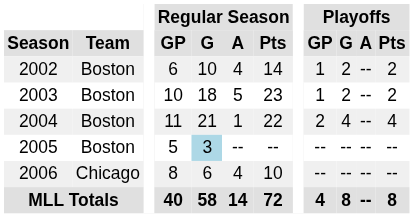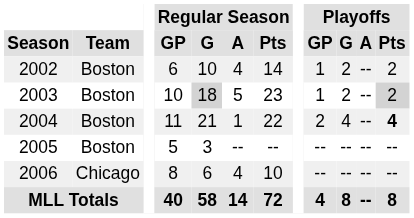 <table BORDER="0" CELLPADDING="3" CELLSPACING="0">
 <tr ALIGN="center" bgcolor="#e0e0e0">
 <th colspan="2" bgcolor="#ffffff"> </th>
 <th rowspan="99" bgcolor="#ffffff"> </th>
 <th colspan="4">Regular Season</th>
 <th rowspan="99" bgcolor="#ffffff"> </th>
 <th colspan="4">Playoffs</th>
 </tr>
 <tr ALIGN="center" bgcolor="#e0e0e0">
 <th>Season</th>
 <th>Team</th>
 <th>GP</th>
 <th>G</th>
 <th>A</th>
 <th>Pts</th>
 <th>GP</th>
 <th>G</th>
 <th>A</th>
 <th>Pts</th>
 </tr>
 <tr ALIGN="center" bgcolor="#f0f0f0">
 <td>2002</td>
 <td>Boston</td>
 <td>6</td>
 <td>10</td>
 <td>4</td>
 <td>14</td>
 <td>1</td>
 <td>2</td>
 <td>--</td>
 <td>2</td>
 </tr>
 <tr ALIGN="center">
 <td>2003</td>
 <td>Boston</td>
 <td>10</td>
-<td>18</td>
+<td style="background: lightgrey;">18</td>
 <td>5</td>
 <td>23</td>
 <td>1</td>
 <td>2</td>
 <td>--</td>
-<td>2</td>
+<td style="background: lightgrey;">2</td>
 </tr>
 <tr ALIGN="center" bgcolor="#f0f0f0">
 <td>2004</td>
 <td>Boston</td>
 <td>11</td>
 <td>21</td>
 <td>1</td>
 <td>22</td>
 <td>2</td>
 <td>4</td>
 <td>--</td>
-<td>4</td>
+<td><strong>4</strong></td>
 </tr>
 <tr ALIGN="center">
 <td>2005</td>
 <td>Boston</td>
 <td>5</td>
-<td style="background: lightblue;">3</td>
+<td>3</td>
 <td>--</td>
 <td>--</td>
 <td>--</td>
 <td>--</td>
 <td>--</td>
 <td>--</td>
 </tr>
 <tr ALIGN="center" bgcolor="#f0f0f0">
 <td>2006</td>
 <td>Chicago</td>
 <td>8</td>
 <td>6</td>
 <td>4</td>
 <td>10</td>
 <td>--</td>
 <td>--</td>
 <td>--</td>
 <td>--</td>
 </tr>
 <tr ALIGN="center" bgcolor="#e0e0e0">
 <th colspan="2">MLL Totals</th>
 <th>40</th>
 <th>58</th>
 <th>14</th>
 <th>72</th>
 <th>4</th>
 <th>8</th>
 <th>--</th>
 <th>8</th>
 </tr>
 </table>
